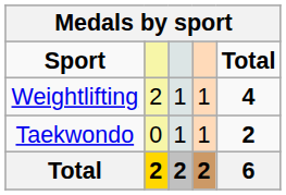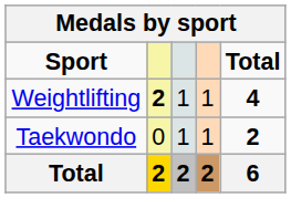 <table class=wikitable style="font-size:85%; float:right">
 <tr bgcolor=efefef>
 <th colspan=7><strong>Medals by sport</strong></th>
 </tr>
 <tr align=center>
 <td><strong>Sport</strong></td>
 <td bgcolor=f7f6a8></td>
 <td bgcolor=dce5e5></td>
 <td bgcolor=ffdab9></td>
 <td><strong>Total</strong></td>
 </tr>
 <tr align=center>
 <td><a href='#'>Weightlifting</a></td>
-<td style="background:#F7F6A8;">2</td>
+<td style="background:#F7F6A8;"><strong>2</strong></td>
 <td style="background:#DCE5E5;">1</td>
 <td style="background:#FFDAB9;">1</td>
 <td><strong>4</strong></td>
 </tr>
 <tr align=center>
 <td><a href='#'>Taekwondo</a></td>
 <td style="background:#F7F6A8;">0</td>
 <td style="background:#DCE5E5;">1</td>
 <td style="background:#FFDAB9;">1</td>
 <td><strong>2</strong></td>
 </tr>
 <tr align=center>
 <th>Total</th>
 <th style="background:gold">2</th>
 <th style="background:silver">2</th>
 <th style="background:#c96">2</th>
 <th>6</th>
 </tr>
 </table>
